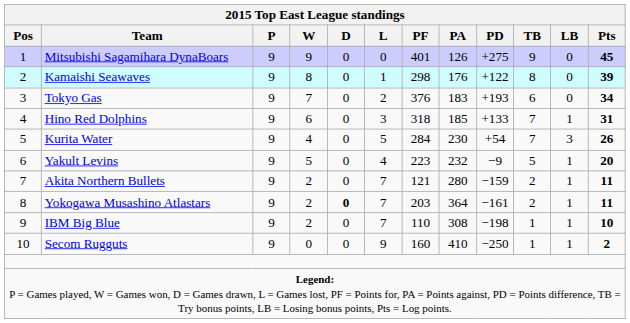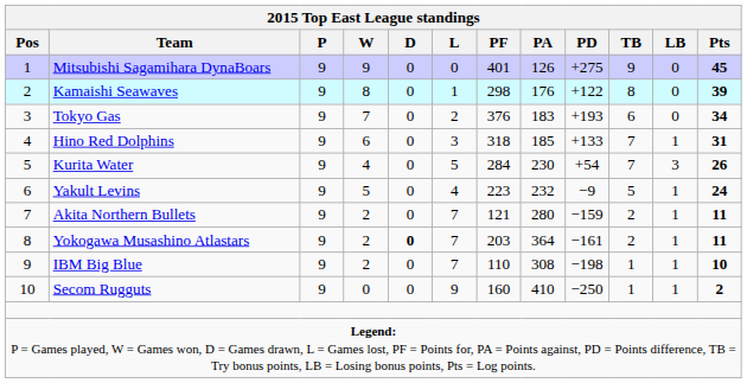 <table class="wikitable" style="text-align:center; font-size:100%; width:60%;">
 <tr>
 <th colspan="100%" cellpadding="0" cellspacing="0"><strong>2015 Top East League standings</strong></th>
 </tr>
 <tr>
 <th style="width:6%;">Pos</th>
 <th style="width:34%;">Team</th>
 <th style="width:6%;">P</th>
 <th style="width:6%;">W</th>
 <th style="width:6%;">D</th>
 <th style="width:6%;">L</th>
 <th style="width:6%;">PF</th>
 <th style="width:6%;">PA</th>
 <th style="width:6%;">PD</th>
 <th style="width:6%;">TB</th>
 <th style="width:6%;">LB</th>
 <th style="width:6%;">Pts<br></th>
 </tr>
 <tr style="background:#CCCCFF;">
 <td>1</td>
 <td style="text-align:left;"><a href='#'>Mitsubishi Sagamihara DynaBoars</a></td>
 <td>9</td>
 <td>9</td>
 <td>0</td>
 <td>0</td>
 <td>401</td>
 <td>126</td>
 <td>+275</td>
 <td>9</td>
 <td>0</td>
 <td><strong>45</strong></td>
 </tr>
 <tr style="background:#CFFCFF;">
 <td>2</td>
 <td style="text-align:left;"><a href='#'>Kamaishi Seawaves</a></td>
 <td>9</td>
 <td>8</td>
 <td>0</td>
 <td>1</td>
 <td>298</td>
 <td>176</td>
 <td>+122</td>
 <td>8</td>
 <td>0</td>
 <td><strong>39</strong></td>
 </tr>
 <tr>
 <td>3</td>
 <td style="text-align:left;"><a href='#'>Tokyo Gas</a></td>
 <td>9</td>
 <td>7</td>
 <td>0</td>
 <td>2</td>
 <td>376</td>
 <td>183</td>
 <td>+193</td>
 <td>6</td>
 <td>0</td>
 <td><strong>34</strong></td>
 </tr>
 <tr>
 <td>4</td>
 <td style="text-align:left;"><a href='#'>Hino Red Dolphins</a></td>
 <td>9</td>
 <td>6</td>
 <td>0</td>
 <td>3</td>
 <td>318</td>
 <td>185</td>
 <td>+133</td>
 <td>7</td>
 <td>1</td>
 <td><strong>31</strong></td>
 </tr>
 <tr>
 <td>5</td>
 <td style="text-align:left;"><a href='#'>Kurita Water</a></td>
 <td>9</td>
 <td>4</td>
 <td>0</td>
 <td>5</td>
 <td>284</td>
 <td>230</td>
 <td>+54</td>
 <td>7</td>
 <td>3</td>
 <td><strong>26</strong></td>
 </tr>
 <tr>
 <td>6</td>
 <td style="text-align:left;"><a href='#'>Yakult Levins</a></td>
 <td>9</td>
 <td>5</td>
 <td>0</td>
 <td>4</td>
 <td>223</td>
 <td>232</td>
 <td>−9</td>
 <td>5</td>
 <td>1</td>
-<td><strong>20</strong></td>
+<td><strong>24</strong></td>
 </tr>
 <tr>
 <td>7</td>
 <td style="text-align:left;"><a href='#'>Akita Northern Bullets</a></td>
 <td>9</td>
 <td>2</td>
 <td>0</td>
 <td>7</td>
 <td>121</td>
 <td>280</td>
 <td>−159</td>
 <td>2</td>
 <td>1</td>
 <td><strong>11</strong></td>
 </tr>
 <tr>
 <td>8</td>
 <td style="text-align:left;"><a href='#'>Yokogawa Musashino Atlastars</a></td>
 <td>9</td>
 <td>2</td>
 <td><strong>0</strong></td>
 <td>7</td>
 <td>203</td>
 <td>364</td>
 <td>−161</td>
 <td>2</td>
 <td>1</td>
 <td><strong>11</strong></td>
 </tr>
 <tr>
 <td>9</td>
 <td style="text-align:left;"><a href='#'>IBM Big Blue</a></td>
 <td>9</td>
 <td>2</td>
 <td>0</td>
 <td>7</td>
 <td>110</td>
 <td>308</td>
 <td>−198</td>
 <td>1</td>
 <td>1</td>
 <td><strong>10</strong></td>
 </tr>
 <tr>
 <td>10</td>
 <td style="text-align:left;"><a href='#'>Secom Rugguts</a></td>
 <td>9</td>
 <td>0</td>
 <td>0</td>
 <td>9</td>
 <td>160</td>
 <td>410</td>
 <td>−250</td>
 <td>1</td>
 <td>1</td>
 <td><strong>2</strong></td>
 </tr>
 <tr>
 <td colspan="100%" style="height:10px;"></td>
 </tr>
 <tr>
 <td colspan="100%"><small><strong>Legend:</strong> <br> P = Games played, W = Games won, D = Games drawn, L = Games lost, PF = Points for, PA = Points against, PD = Points difference, TB = Try bonus points, LB = Losing bonus points, Pts = Log points.</small></td>
 </tr>
 </table>
